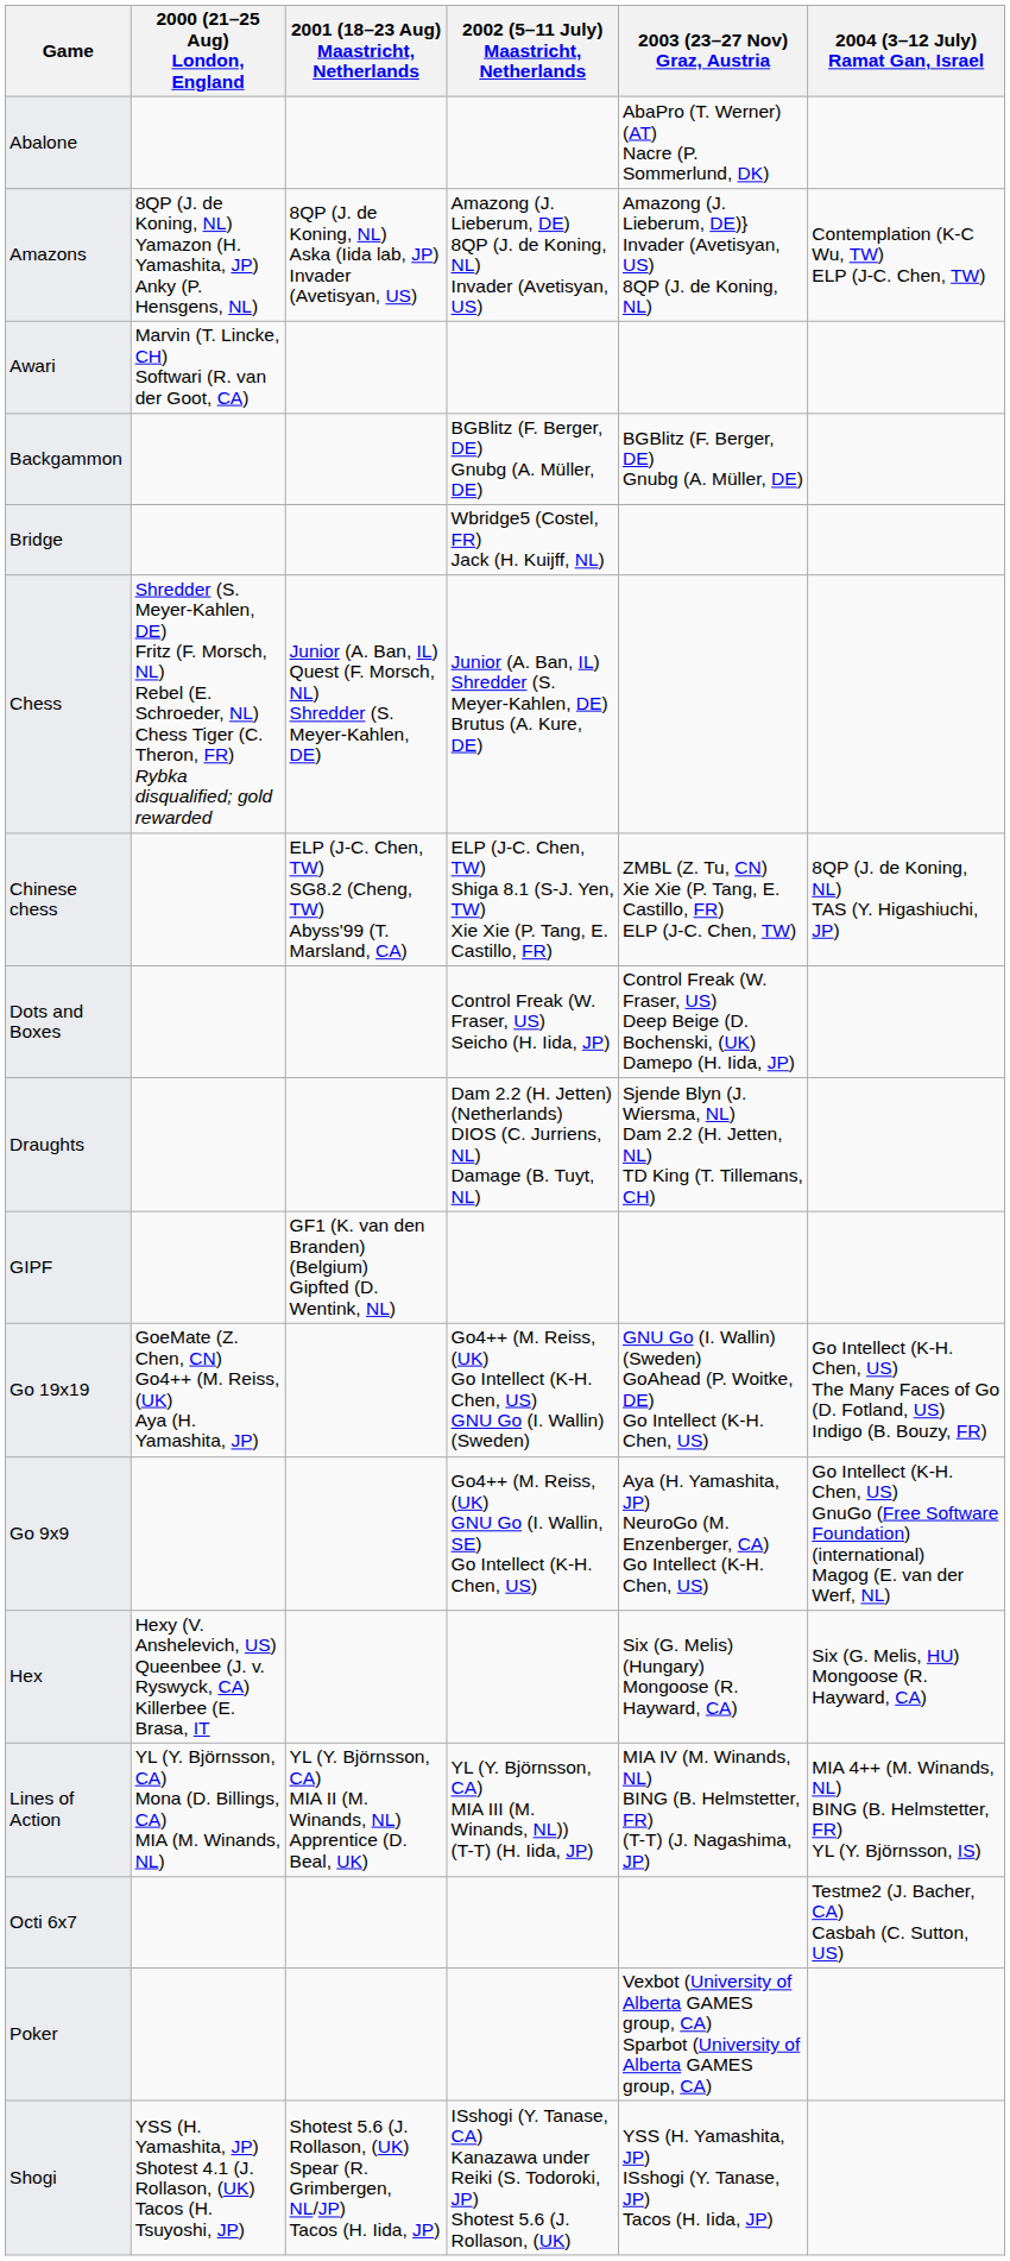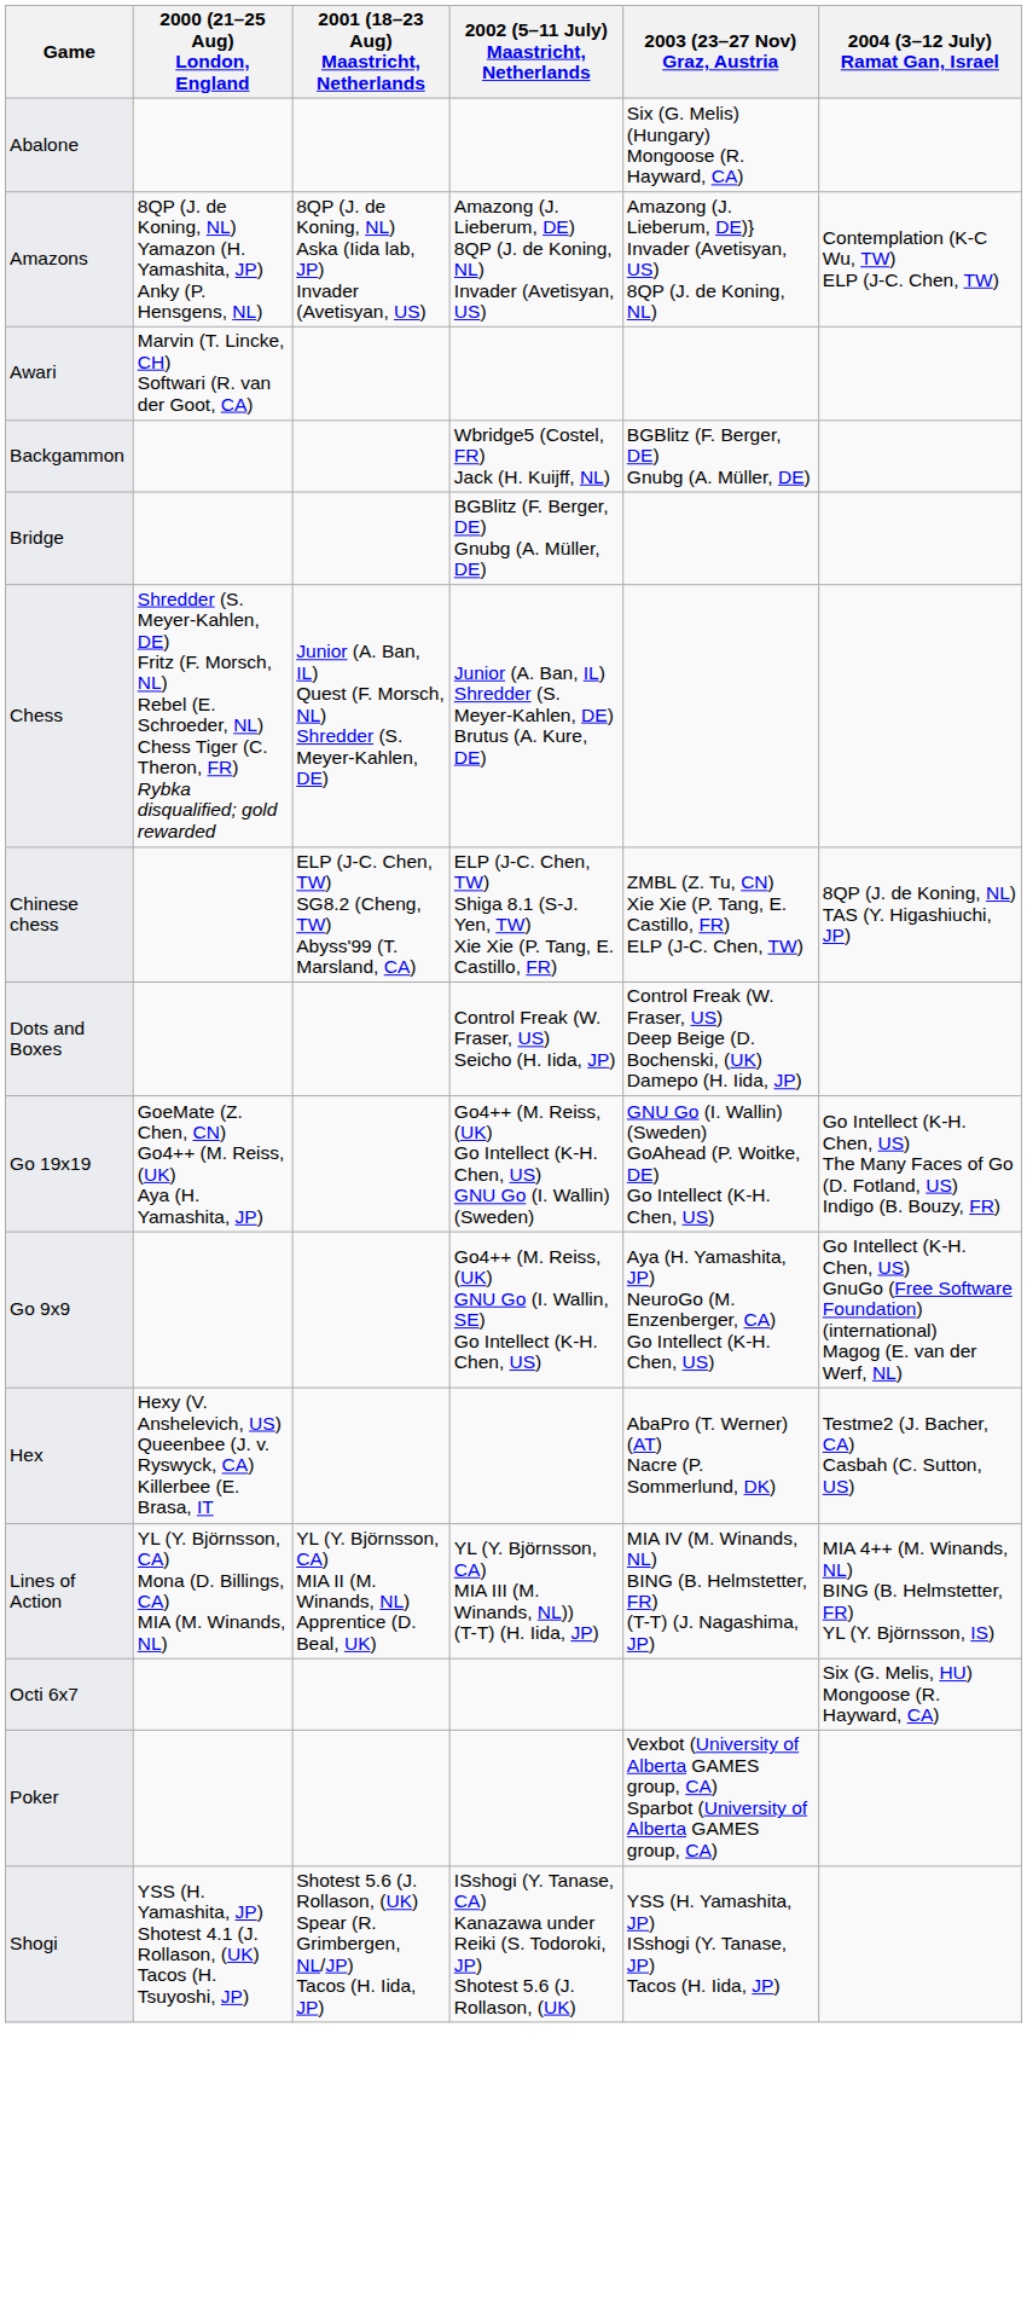 <table class="wikitable sortable">
 <tr>
 <th>Game</th>
 <th>2000 (21–25 Aug)<br><a href='#'>London, England</a></th>
 <th>2001 (18–23 Aug)<br><a href='#'>Maastricht, Netherlands</a></th>
 <th>2002 (5–11 July)<br><a href='#'>Maastricht, Netherlands</a></th>
 <th>2003 (23–27 Nov)<br><a href='#'>Graz, Austria</a></th>
 <th>2004 (3–12 July)<br><a href='#'>Ramat Gan, Israel</a></th>
 </tr>
 <tr>
 <td style="background:#EAECF0">Abalone</td>
 <td></td>
 <td></td>
 <td></td>
-<td> AbaPro (T. Werner) (<a href='#'>AT</a>)<br> Nacre (P. Sommerlund, <a href='#'>DK</a>)</td>
+<td> Six (G. Melis) (Hungary)<br> Mongoose (R. Hayward, <a href='#'>CA</a>)</td>
 <td></td>
 </tr>
 <tr>
 <td style="background:#EAECF0">Amazons</td>
 <td> 8QP (J. de Koning, <a href='#'>NL</a>)<br> Yamazon (H. Yamashita, <a href='#'>JP</a>) <br> Anky (P. Hensgens, <a href='#'>NL</a>)</td>
 <td> 8QP (J. de Koning, <a href='#'>NL</a>) <br> Aska (Iida lab, <a href='#'>JP</a>)<br> Invader (Avetisyan, <a href='#'>US</a>)</td>
 <td> Amazong (J. Lieberum, <a href='#'>DE</a>)<br> 8QP (J. de Koning, <a href='#'>NL</a>)<br> Invader (Avetisyan, <a href='#'>US</a>)</td>
 <td> Amazong (J. Lieberum, <a href='#'>DE</a>)}<br> Invader (Avetisyan, <a href='#'>US</a>)<br> 8QP (J. de Koning, <a href='#'>NL</a>)</td>
 <td> Contemplation (K-C Wu, <a href='#'>TW</a>)<br> ELP (J-C. Chen, <a href='#'>TW</a>)</td>
 </tr>
 <tr>
 <td style="background:#EAECF0">Awari</td>
 <td> Marvin (T. Lincke, <a href='#'>CH</a>)<br> Softwari (R. van der Goot, <a href='#'>CA</a>)</td>
 <td></td>
 <td></td>
 <td></td>
 <td></td>
 </tr>
 <tr>
 <td style="background:#EAECF0">Backgammon</td>
 <td></td>
 <td></td>
-<td> BGBlitz (F. Berger, <a href='#'>DE</a>)<br> Gnubg (A. Müller, <a href='#'>DE</a>)</td>
+<td> Wbridge5 (Costel, <a href='#'>FR</a>)<br> Jack (H. Kuijff, <a href='#'>NL</a>)</td>
 <td> BGBlitz (F. Berger, <a href='#'>DE</a>)<br> Gnubg (A. Müller, <a href='#'>DE</a>)</td>
 <td></td>
 </tr>
 <tr>
 <td style="background:#EAECF0">Bridge</td>
 <td></td>
 <td></td>
-<td> Wbridge5 (Costel, <a href='#'>FR</a>)<br> Jack (H. Kuijff, <a href='#'>NL</a>)</td>
+<td> BGBlitz (F. Berger, <a href='#'>DE</a>)<br> Gnubg (A. Müller, <a href='#'>DE</a>)</td>
 <td></td>
 <td></td>
 </tr>
 <tr>
 <td style="background:#EAECF0">Chess</td>
 <td> <a href='#'>Shredder</a> (S. Meyer-Kahlen, <a href='#'>DE</a>)<br> Fritz (F. Morsch, <a href='#'>NL</a>)<br> Rebel (E. Schroeder, <a href='#'>NL</a>)<br> Chess Tiger (C. Theron, <a href='#'>FR</a>)<br><em>Rybka disqualified; gold rewarded</em></td>
 <td> <a href='#'>Junior</a> (A. Ban, <a href='#'>IL</a>)<br> Quest (F. Morsch, <a href='#'>NL</a>)<br> <a href='#'>Shredder</a> (S. Meyer-Kahlen, <a href='#'>DE</a>)</td>
 <td> <a href='#'>Junior</a> (A. Ban, <a href='#'>IL</a>)<br> <a href='#'>Shredder</a> (S. Meyer-Kahlen, <a href='#'>DE</a>)<br> Brutus (A. Kure, <a href='#'>DE</a>)</td>
 <td></td>
 <td></td>
 </tr>
 <tr>
 <td style="background:#EAECF0">Chinese chess</td>
 <td></td>
 <td> ELP (J-C. Chen, <a href='#'>TW</a>)<br> SG8.2 (Cheng, <a href='#'>TW</a>)<br> Abyss'99 (T. Marsland, <a href='#'>CA</a>)</td>
 <td> ELP (J-C. Chen, <a href='#'>TW</a>)<br> Shiga 8.1 (S-J. Yen, <a href='#'>TW</a>)<br> Xie Xie (P. Tang, E. Castillo, <a href='#'>FR</a>)</td>
 <td> ZMBL (Z. Tu, <a href='#'>CN</a>)<br> Xie Xie (P. Tang, E. Castillo, <a href='#'>FR</a>)<br> ELP (J-C. Chen, <a href='#'>TW</a>)</td>
 <td> 8QP (J. de Koning, <a href='#'>NL</a>)<br> TAS (Y. Higashiuchi, <a href='#'>JP</a>)</td>
 </tr>
 <tr>
 <td style="background:#EAECF0">Dots and Boxes</td>
 <td></td>
 <td></td>
 <td> Control Freak (W. Fraser, <a href='#'>US</a>)<br> Seicho (H. Iida, <a href='#'>JP</a>)</td>
 <td> Control Freak (W. Fraser, <a href='#'>US</a>)<br> Deep Beige (D. Bochenski, (<a href='#'>UK</a>)<br> Damepo (H. Iida, <a href='#'>JP</a>)</td>
 <td></td>
 </tr>
 <tr>
-<td style="background:#EAECF0">Draughts</td>
-<td></td>
-<td></td>
-<td> Dam 2.2 (H. Jetten) (Netherlands)<br> DIOS (C. Jurriens, <a href='#'>NL</a>)<br> Damage (B. Tuyt, <a href='#'>NL</a>)</td>
-<td> Sjende Blyn (J. Wiersma, <a href='#'>NL</a>)<br> Dam 2.2 (H. Jetten, <a href='#'>NL</a>)<br> TD King (T. Tillemans, <a href='#'>CH</a>)</td>
-<td></td>
-</tr>
-<tr>
-<td style="background:#EAECF0">GIPF</td>
-<td></td>
-<td> GF1 (K. van den Branden) (Belgium)<br> Gipfted (D. Wentink, <a href='#'>NL</a>)</td>
-<td></td>
-<td></td>
-<td></td>
-</tr>
-<tr>
 <td style="background:#EAECF0">Go 19x19</td>
 <td> GoeMate (Z. Chen, <a href='#'>CN</a>)<br> Go4++ (M. Reiss, (<a href='#'>UK</a>)<br> Aya (H. Yamashita, <a href='#'>JP</a>)</td>
 <td></td>
 <td> Go4++ (M. Reiss, (<a href='#'>UK</a>)<br> Go Intellect (K-H. Chen, <a href='#'>US</a>)<br> <a href='#'>GNU Go</a> (I. Wallin) (Sweden)</td>
 <td> <a href='#'>GNU Go</a> (I. Wallin) (Sweden)<br> GoAhead (P. Woitke, <a href='#'>DE</a>)<br> Go Intellect (K-H. Chen, <a href='#'>US</a>)</td>
 <td> Go Intellect (K-H. Chen, <a href='#'>US</a>) <br> The Many Faces of Go (D. Fotland, <a href='#'>US</a>)<br> Indigo (B. Bouzy, <a href='#'>FR</a>)</td>
 </tr>
 <tr>
 <td style="background:#EAECF0">Go 9x9</td>
 <td></td>
 <td></td>
 <td> Go4++ (M. Reiss, (<a href='#'>UK</a>)<br> <a href='#'>GNU Go</a> (I. Wallin, <a href='#'>SE</a>)<br> Go Intellect (K-H. Chen, <a href='#'>US</a>)</td>
 <td> Aya (H. Yamashita, <a href='#'>JP</a>)<br> NeuroGo (M. Enzenberger, <a href='#'>CA</a>)<br> Go Intellect (K-H. Chen, <a href='#'>US</a>)</td>
 <td> Go Intellect (K-H. Chen, <a href='#'>US</a>)<br> GnuGo (<a href='#'>Free Software Foundation</a>) (international)<br> Magog (E. van der Werf, <a href='#'>NL</a>)</td>
 </tr>
 <tr>
 <td style="background:#EAECF0">Hex</td>
 <td> Hexy (V. Anshelevich, <a href='#'>US</a>)<br> Queenbee (J. v. Ryswyck, <a href='#'>CA</a>)<br>Killerbee (E. Brasa, <a href='#'>IT</a></td>
 <td></td>
 <td></td>
-<td> Six (G. Melis) (Hungary)<br> Mongoose (R. Hayward, <a href='#'>CA</a>)</td>
-<td> Six (G. Melis, <a href='#'>HU</a>)<br> Mongoose (R. Hayward, <a href='#'>CA</a>)</td>
+<td> AbaPro (T. Werner) (<a href='#'>AT</a>)<br> Nacre (P. Sommerlund, <a href='#'>DK</a>)</td>
+<td> Testme2 (J. Bacher, <a href='#'>CA</a>)<br> Casbah (C. Sutton, <a href='#'>US</a>)</td>
 </tr>
 <tr>
 <td style="background:#EAECF0">Lines of Action</td>
 <td> YL (Y. Björnsson, <a href='#'>CA</a>)<br> Mona (D. Billings, <a href='#'>CA</a>)<br> MIA (M. Winands, <a href='#'>NL</a>)</td>
 <td> YL (Y. Björnsson, <a href='#'>CA</a>)<br> MIA II (M. Winands, <a href='#'>NL</a>)<br> Apprentice (D. Beal, <a href='#'>UK</a>)</td>
 <td> YL (Y. Björnsson, <a href='#'>CA</a>)<br> MIA III (M. Winands, <a href='#'>NL</a>))<br> (T-T) (H. Iida, <a href='#'>JP</a>)</td>
 <td> MIA IV (M. Winands, <a href='#'>NL</a>)<br> BING (B. Helmstetter, <a href='#'>FR</a>)<br> (T-T) (J. Nagashima, <a href='#'>JP</a>)</td>
 <td> MIA 4++ (M. Winands, <a href='#'>NL</a>)<br> BING (B. Helmstetter, <a href='#'>FR</a>)<br> YL (Y. Björnsson, <a href='#'>IS</a>)</td>
 </tr>
 <tr>
 <td style="background:#EAECF0">Octi 6x7</td>
 <td></td>
 <td></td>
 <td></td>
 <td></td>
-<td> Testme2 (J. Bacher, <a href='#'>CA</a>)<br> Casbah (C. Sutton, <a href='#'>US</a>)</td>
+<td> Six (G. Melis, <a href='#'>HU</a>)<br> Mongoose (R. Hayward, <a href='#'>CA</a>)</td>
 </tr>
 <tr>
 <td style="background:#EAECF0">Poker</td>
 <td></td>
 <td></td>
 <td></td>
 <td> Vexbot (<a href='#'>University of Alberta</a> GAMES group, <a href='#'>CA</a>)<br> Sparbot (<a href='#'>University of Alberta</a> GAMES group, <a href='#'>CA</a>)</td>
 <td></td>
 </tr>
 <tr>
 <td style="background:#EAECF0">Shogi</td>
 <td> YSS (H. Yamashita, <a href='#'>JP</a>)<br> Shotest 4.1 (J. Rollason, (<a href='#'>UK</a>)<br> Tacos (H. Tsuyoshi, <a href='#'>JP</a>)</td>
 <td> Shotest 5.6 (J. Rollason, (<a href='#'>UK</a>)<br> Spear (R. Grimbergen, <a href='#'>NL</a>/<a href='#'>JP</a>)<br> Tacos (H. Iida, <a href='#'>JP</a>)</td>
 <td> ISshogi (Y. Tanase, <a href='#'>CA</a>)<br> Kanazawa under Reiki (S. Todoroki, <a href='#'>JP</a>)<br> Shotest 5.6 (J. Rollason, (<a href='#'>UK</a>)</td>
 <td> YSS (H. Yamashita, <a href='#'>JP</a>)<br> ISshogi (Y. Tanase, <a href='#'>JP</a>)<br> Tacos (H. Iida, <a href='#'>JP</a>)</td>
 <td></td>
 </tr>
 </table>
